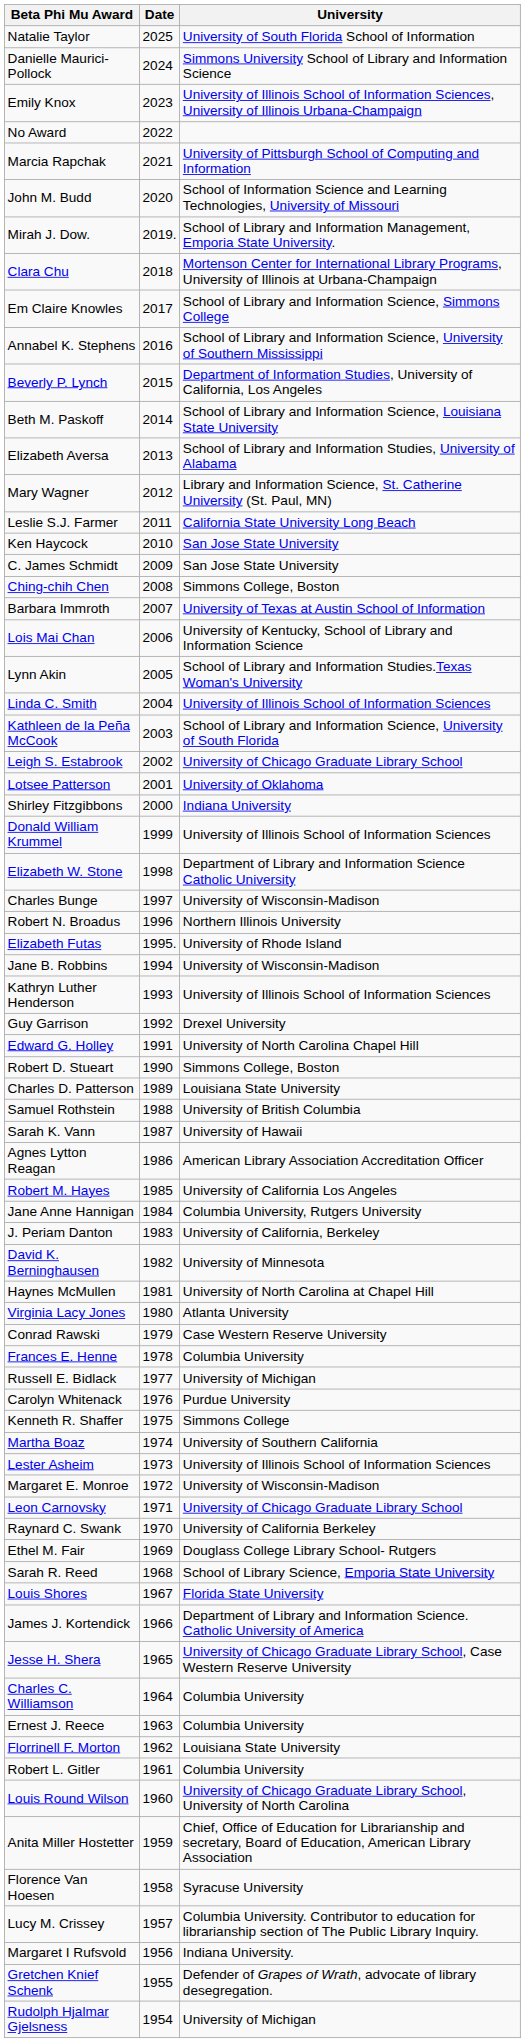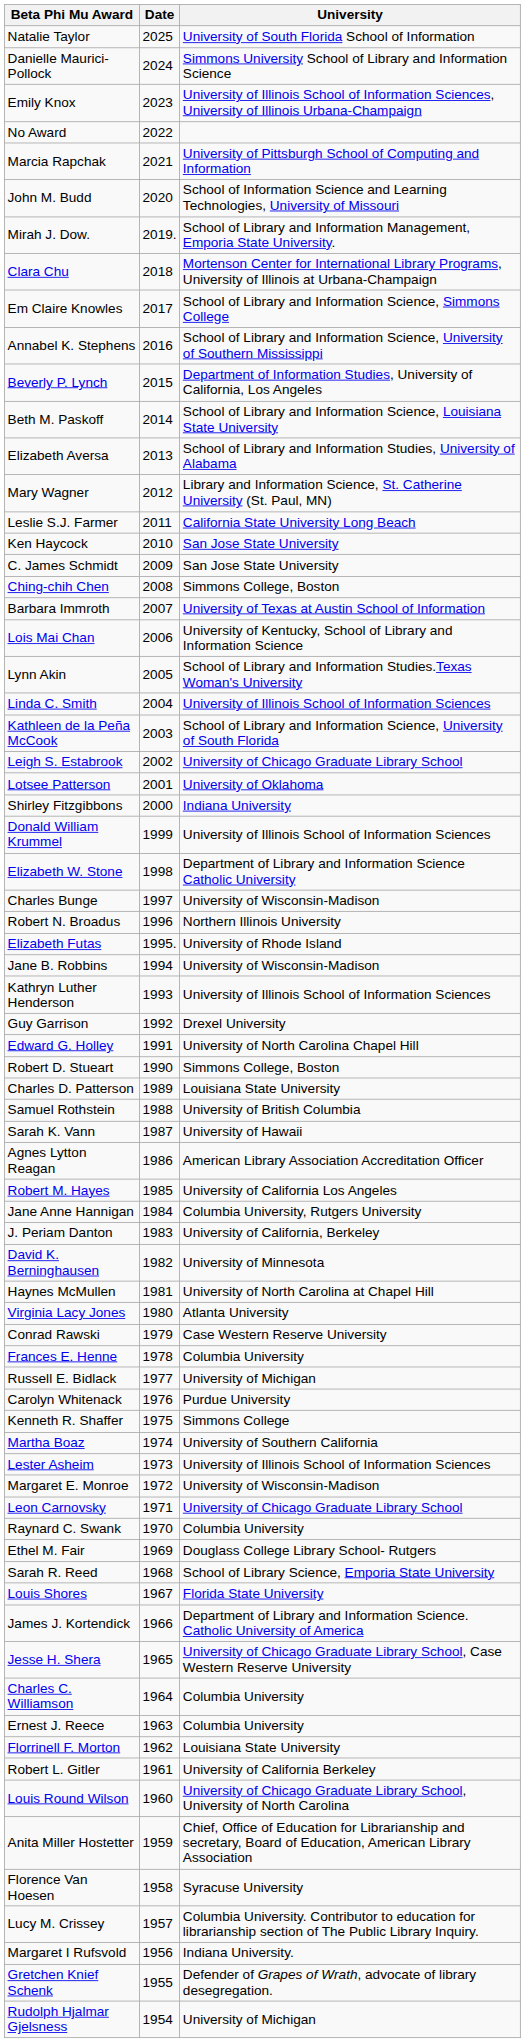 <table class="wikitable sortable">
 <tr>
 <th>Beta Phi Mu Award</th>
 <th>Date</th>
 <th>University</th>
 </tr>
 <tr>
 <td>Natalie Taylor </td>
 <td>2025</td>
 <td><a href='#'>University of South Florida</a> School of Information</td>
 </tr>
 <tr>
 <td>Danielle Maurici-Pollock</td>
 <td>2024</td>
 <td><a href='#'>Simmons University</a> School of Library and Information Science</td>
 </tr>
 <tr>
 <td>Emily Knox</td>
 <td>2023</td>
 <td><a href='#'>University of Illinois School of Information Sciences</a>, <a href='#'>University of Illinois Urbana-Champaign</a></td>
 </tr>
 <tr>
 <td>No Award</td>
 <td>2022</td>
 </tr>
 <tr>
 <td>Marcia Rapchak</td>
 <td>2021</td>
 <td><a href='#'>University of Pittsburgh School of Computing and Information</a></td>
 </tr>
 <tr>
 <td>John M. Budd</td>
 <td>2020</td>
 <td>School of Information Science and Learning Technologies, <a href='#'>University of Missouri</a></td>
 </tr>
 <tr>
 <td>Mirah J. Dow.</td>
 <td>2019.</td>
 <td>School of Library and Information Management, <a href='#'>Emporia State University</a>.</td>
 </tr>
 <tr>
 <td><a href='#'>Clara Chu</a></td>
 <td>2018</td>
 <td><a href='#'>Mortenson Center for International Library Programs</a>, University of Illinois at Urbana-Champaign</td>
 </tr>
 <tr>
 <td>Em Claire Knowles</td>
 <td>2017</td>
 <td>School of Library and Information Science, <a href='#'>Simmons College</a></td>
 </tr>
 <tr>
 <td>Annabel K. Stephens</td>
 <td>2016</td>
 <td>School of Library and Information Science, <a href='#'>University of Southern Mississippi</a></td>
 </tr>
 <tr>
 <td><a href='#'>Beverly P. Lynch</a></td>
 <td>2015</td>
 <td><a href='#'>Department of Information Studies</a>, University of California, Los Angeles</td>
 </tr>
 <tr>
 <td>Beth M. Paskoff</td>
 <td>2014</td>
 <td>School of Library and Information Science, <a href='#'>Louisiana State University</a></td>
 </tr>
 <tr>
 <td>Elizabeth Aversa</td>
 <td>2013</td>
 <td>School of Library and Information Studies, <a href='#'>University of Alabama</a></td>
 </tr>
 <tr>
 <td>Mary Wagner</td>
 <td>2012</td>
 <td>Library and Information Science, <a href='#'>St. Catherine University</a> (St. Paul, MN)</td>
 </tr>
 <tr>
 <td>Leslie S.J. Farmer</td>
 <td>2011</td>
 <td><a href='#'>California State University Long Beach</a></td>
 </tr>
 <tr>
 <td>Ken Haycock</td>
 <td>2010</td>
 <td><a href='#'>San Jose State University</a></td>
 </tr>
 <tr>
 <td>C. James Schmidt</td>
 <td>2009</td>
 <td>San Jose State University</td>
 </tr>
 <tr>
 <td><a href='#'>Ching-chih Chen</a></td>
 <td>2008</td>
 <td>Simmons College, Boston </td>
 </tr>
 <tr>
 <td>Barbara Immroth</td>
 <td>2007</td>
 <td><a href='#'>University of Texas at Austin School of Information</a></td>
 </tr>
 <tr>
 <td><a href='#'>Lois Mai Chan</a></td>
 <td>2006</td>
 <td>University of Kentucky, School of Library and Information Science</td>
 </tr>
 <tr>
 <td>Lynn Akin</td>
 <td>2005</td>
 <td>School of Library and Information Studies.<a href='#'>Texas Woman's University</a></td>
 </tr>
 <tr>
 <td><a href='#'>Linda C. Smith</a></td>
 <td>2004</td>
 <td><a href='#'>University of Illinois School of Information Sciences</a></td>
 </tr>
 <tr>
 <td><a href='#'>Kathleen de la Peña McCook</a></td>
 <td>2003</td>
 <td>School of Library and Information Science, <a href='#'>University of South Florida</a></td>
 </tr>
 <tr>
 <td><a href='#'>Leigh S. Estabrook</a></td>
 <td>2002</td>
 <td><a href='#'>University of Chicago Graduate Library School</a></td>
 </tr>
 <tr>
 <td><a href='#'>Lotsee Patterson</a></td>
 <td>2001</td>
 <td><a href='#'>University of Oklahoma</a></td>
 </tr>
 <tr>
 <td>Shirley Fitzgibbons</td>
 <td>2000</td>
 <td><a href='#'>Indiana University</a></td>
 </tr>
 <tr>
 <td><a href='#'>Donald William Krummel</a></td>
 <td>1999</td>
 <td>University of Illinois School of Information Sciences</td>
 </tr>
 <tr>
 <td><a href='#'>Elizabeth W. Stone</a></td>
 <td>1998</td>
 <td>Department of Library and Information Science <a href='#'>Catholic University</a></td>
 </tr>
 <tr>
 <td>Charles Bunge</td>
 <td>1997</td>
 <td>University of Wisconsin-Madison</td>
 </tr>
 <tr>
 <td>Robert N. Broadus</td>
 <td>1996</td>
 <td>Northern Illinois University</td>
 </tr>
 <tr>
 <td><a href='#'>Elizabeth Futas</a></td>
 <td>1995.</td>
 <td>University of Rhode Island</td>
 </tr>
 <tr>
 <td>Jane B. Robbins</td>
 <td>1994</td>
 <td>University of Wisconsin-Madison</td>
 </tr>
 <tr>
 <td>Kathryn Luther Henderson</td>
 <td>1993</td>
 <td>University of Illinois School of Information Sciences</td>
 </tr>
 <tr>
 <td>Guy Garrison</td>
 <td>1992</td>
 <td>Drexel University</td>
 </tr>
 <tr>
 <td><a href='#'>Edward G. Holley</a></td>
 <td>1991</td>
 <td>University of North Carolina Chapel Hill</td>
 </tr>
 <tr>
 <td>Robert D. Stueart</td>
 <td>1990</td>
 <td>Simmons College, Boston</td>
 </tr>
 <tr>
 <td>Charles D. Patterson</td>
 <td>1989</td>
 <td>Louisiana State University</td>
 </tr>
 <tr>
 <td>Samuel Rothstein</td>
 <td>1988</td>
 <td>University of British Columbia</td>
 </tr>
 <tr>
 <td>Sarah K. Vann</td>
 <td>1987</td>
 <td>University of Hawaii</td>
 </tr>
 <tr>
 <td>Agnes Lytton Reagan</td>
 <td>1986</td>
 <td>American Library Association Accreditation Officer</td>
 </tr>
 <tr>
 <td><a href='#'>Robert M. Hayes</a></td>
 <td>1985</td>
 <td>University of California Los Angeles</td>
 </tr>
 <tr>
 <td>Jane Anne Hannigan</td>
 <td>1984</td>
 <td>Columbia University, Rutgers University</td>
 </tr>
 <tr>
 <td>J. Periam Danton</td>
 <td>1983</td>
 <td>University of California, Berkeley</td>
 </tr>
 <tr>
 <td><a href='#'>David K. Berninghausen</a></td>
 <td>1982</td>
 <td>University of Minnesota</td>
 </tr>
 <tr>
 <td>Haynes McMullen</td>
 <td>1981</td>
 <td>University of North Carolina at Chapel Hill</td>
 </tr>
 <tr>
 <td><a href='#'>Virginia Lacy Jones</a></td>
 <td>1980</td>
 <td>Atlanta University</td>
 </tr>
 <tr>
 <td>Conrad Rawski</td>
 <td>1979</td>
 <td>Case Western Reserve University</td>
 </tr>
 <tr>
 <td><a href='#'>Frances E. Henne</a></td>
 <td>1978</td>
 <td>Columbia University</td>
 </tr>
 <tr>
 <td>Russell E. Bidlack </td>
 <td>1977</td>
 <td>University of Michigan</td>
 </tr>
 <tr>
 <td>Carolyn Whitenack</td>
 <td>1976</td>
 <td>Purdue University</td>
 </tr>
 <tr>
 <td>Kenneth R. Shaffer</td>
 <td>1975</td>
 <td>Simmons College</td>
 </tr>
 <tr>
 <td><a href='#'>Martha Boaz</a></td>
 <td>1974</td>
 <td>University of Southern California</td>
 </tr>
 <tr>
 <td><a href='#'>Lester Asheim</a></td>
 <td>1973</td>
 <td>University of Illinois School of Information Sciences</td>
 </tr>
 <tr>
 <td>Margaret E. Monroe</td>
 <td>1972</td>
 <td>University of Wisconsin-Madison</td>
 </tr>
 <tr>
 <td><a href='#'>Leon Carnovsky</a></td>
 <td>1971</td>
 <td><a href='#'>University of Chicago Graduate Library School</a></td>
 </tr>
 <tr>
 <td>Raynard C. Swank</td>
 <td>1970</td>
-<td>University of California Berkeley</td>
+<td>Columbia University</td>
 </tr>
 <tr>
 <td>Ethel M. Fair </td>
 <td>1969</td>
 <td>Douglass College Library School- Rutgers</td>
 </tr>
 <tr>
 <td>Sarah R. Reed </td>
 <td>1968</td>
 <td>School of Library Science, <a href='#'>Emporia State University</a></td>
 </tr>
 <tr>
 <td><a href='#'>Louis Shores</a></td>
 <td>1967</td>
 <td><a href='#'>Florida State University</a></td>
 </tr>
 <tr>
 <td>James J. Kortendick</td>
 <td>1966</td>
 <td>Department of Library and Information Science. <a href='#'>Catholic University of America</a></td>
 </tr>
 <tr>
 <td><a href='#'>Jesse H. Shera</a></td>
 <td>1965</td>
 <td><a href='#'>University of Chicago Graduate Library School</a>, Case Western Reserve University</td>
 </tr>
 <tr>
 <td><a href='#'>Charles C. Williamson</a></td>
 <td>1964</td>
 <td>Columbia University</td>
 </tr>
 <tr>
 <td>Ernest J. Reece </td>
 <td>1963</td>
 <td>Columbia University</td>
 </tr>
 <tr>
 <td><a href='#'>Florrinell F. Morton</a></td>
 <td>1962</td>
 <td>Louisiana State University</td>
 </tr>
 <tr>
 <td>Robert L. Gitler </td>
 <td>1961</td>
-<td>Columbia University</td>
+<td>University of California Berkeley</td>
 </tr>
 <tr>
 <td><a href='#'>Louis Round Wilson</a></td>
 <td>1960</td>
 <td><a href='#'>University of Chicago Graduate Library School</a>, University of North Carolina</td>
 </tr>
 <tr>
 <td>Anita Miller Hostetter</td>
 <td>1959</td>
 <td>Chief, Office of Education for Librarianship and secretary, Board of Education, American Library Association</td>
 </tr>
 <tr>
 <td>Florence Van Hoesen </td>
 <td>1958</td>
 <td>Syracuse University</td>
 </tr>
 <tr>
 <td>Lucy M. Crissey</td>
 <td>1957</td>
 <td>Columbia University. Contributor to education for librarianship section of The Public Library Inquiry.</td>
 </tr>
 <tr>
 <td>Margaret I Rufsvold</td>
 <td>1956</td>
 <td>Indiana University.</td>
 </tr>
 <tr>
 <td><a href='#'>Gretchen Knief Schenk</a></td>
 <td>1955</td>
 <td>Defender of <em>Grapes of Wrath</em>, advocate of library desegregation.</td>
 </tr>
 <tr>
 <td><a href='#'>Rudolph Hjalmar Gjelsness</a></td>
 <td>1954</td>
 <td>University of Michigan</td>
 </tr>
 </table>
